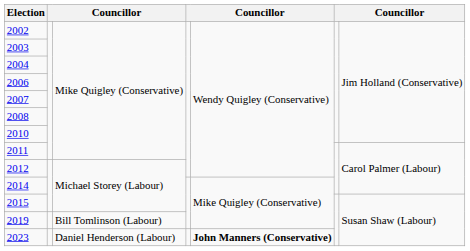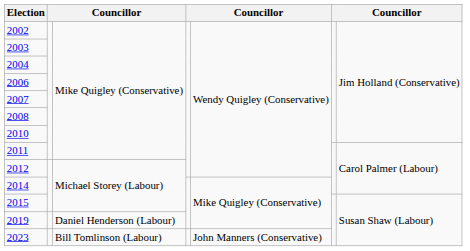 <table class="wikitable">
 <tr>
 <th>Election</th>
 <th colspan="2">Councillor</th>
 <th colspan="2">Councillor</th>
 <th colspan="2">Councillor</th>
 </tr>
 <tr>
 <td><a href='#'>2002</a></td>
 <td rowspan="8" style="background-color: "></td>
 <td rowspan="8">Mike Quigley (Conservative)</td>
 <td rowspan="9" style="background-color: "></td>
 <td rowspan="9">Wendy Quigley (Conservative)</td>
 <td rowspan="7" style="background-color: "></td>
 <td rowspan="7">Jim Holland (Conservative)</td>
 </tr>
 <tr>
 <td><a href='#'>2003</a></td>
 </tr>
 <tr>
 <td><a href='#'>2004</a></td>
 </tr>
 <tr>
 <td><a href='#'>2006</a></td>
 </tr>
 <tr>
 <td><a href='#'>2007</a></td>
 </tr>
 <tr>
 <td><a href='#'>2008</a></td>
 </tr>
 <tr>
 <td><a href='#'>2010</a></td>
 </tr>
 <tr>
 <td><a href='#'>2011</a></td>
 <td rowspan="3" style="background-color: "></td>
 <td rowspan="3">Carol Palmer (Labour)</td>
 </tr>
 <tr>
 <td><a href='#'>2012</a></td>
 <td rowspan="3" style="background-color: "></td>
 <td rowspan="3">Michael Storey (Labour)</td>
 </tr>
 <tr>
 <td><a href='#'>2014</a></td>
 <td rowspan="3" style="background-color: "></td>
 <td rowspan="3">Mike Quigley (Conservative)</td>
 </tr>
 <tr>
 <td><a href='#'>2015</a></td>
 <td rowspan="3" style="background-color: "></td>
 <td rowspan="3">Susan Shaw (Labour)</td>
 </tr>
 <tr>
 <td><a href='#'>2019</a></td>
 <td style="background-color: "></td>
-<td>Bill Tomlinson (Labour)</td>
+<td>Daniel Henderson (Labour)</td>
 </tr>
 <tr>
 <td><a href='#'>2023</a></td>
 <td style="background-color: "></td>
-<td>Daniel Henderson (Labour)</td>
+<td>Bill Tomlinson (Labour)</td>
 <td style="background-color: "></td>
-<td><strong>John Manners (Conservative)</strong></td>
+<td>John Manners (Conservative)</td>
 </tr>
 </table>
